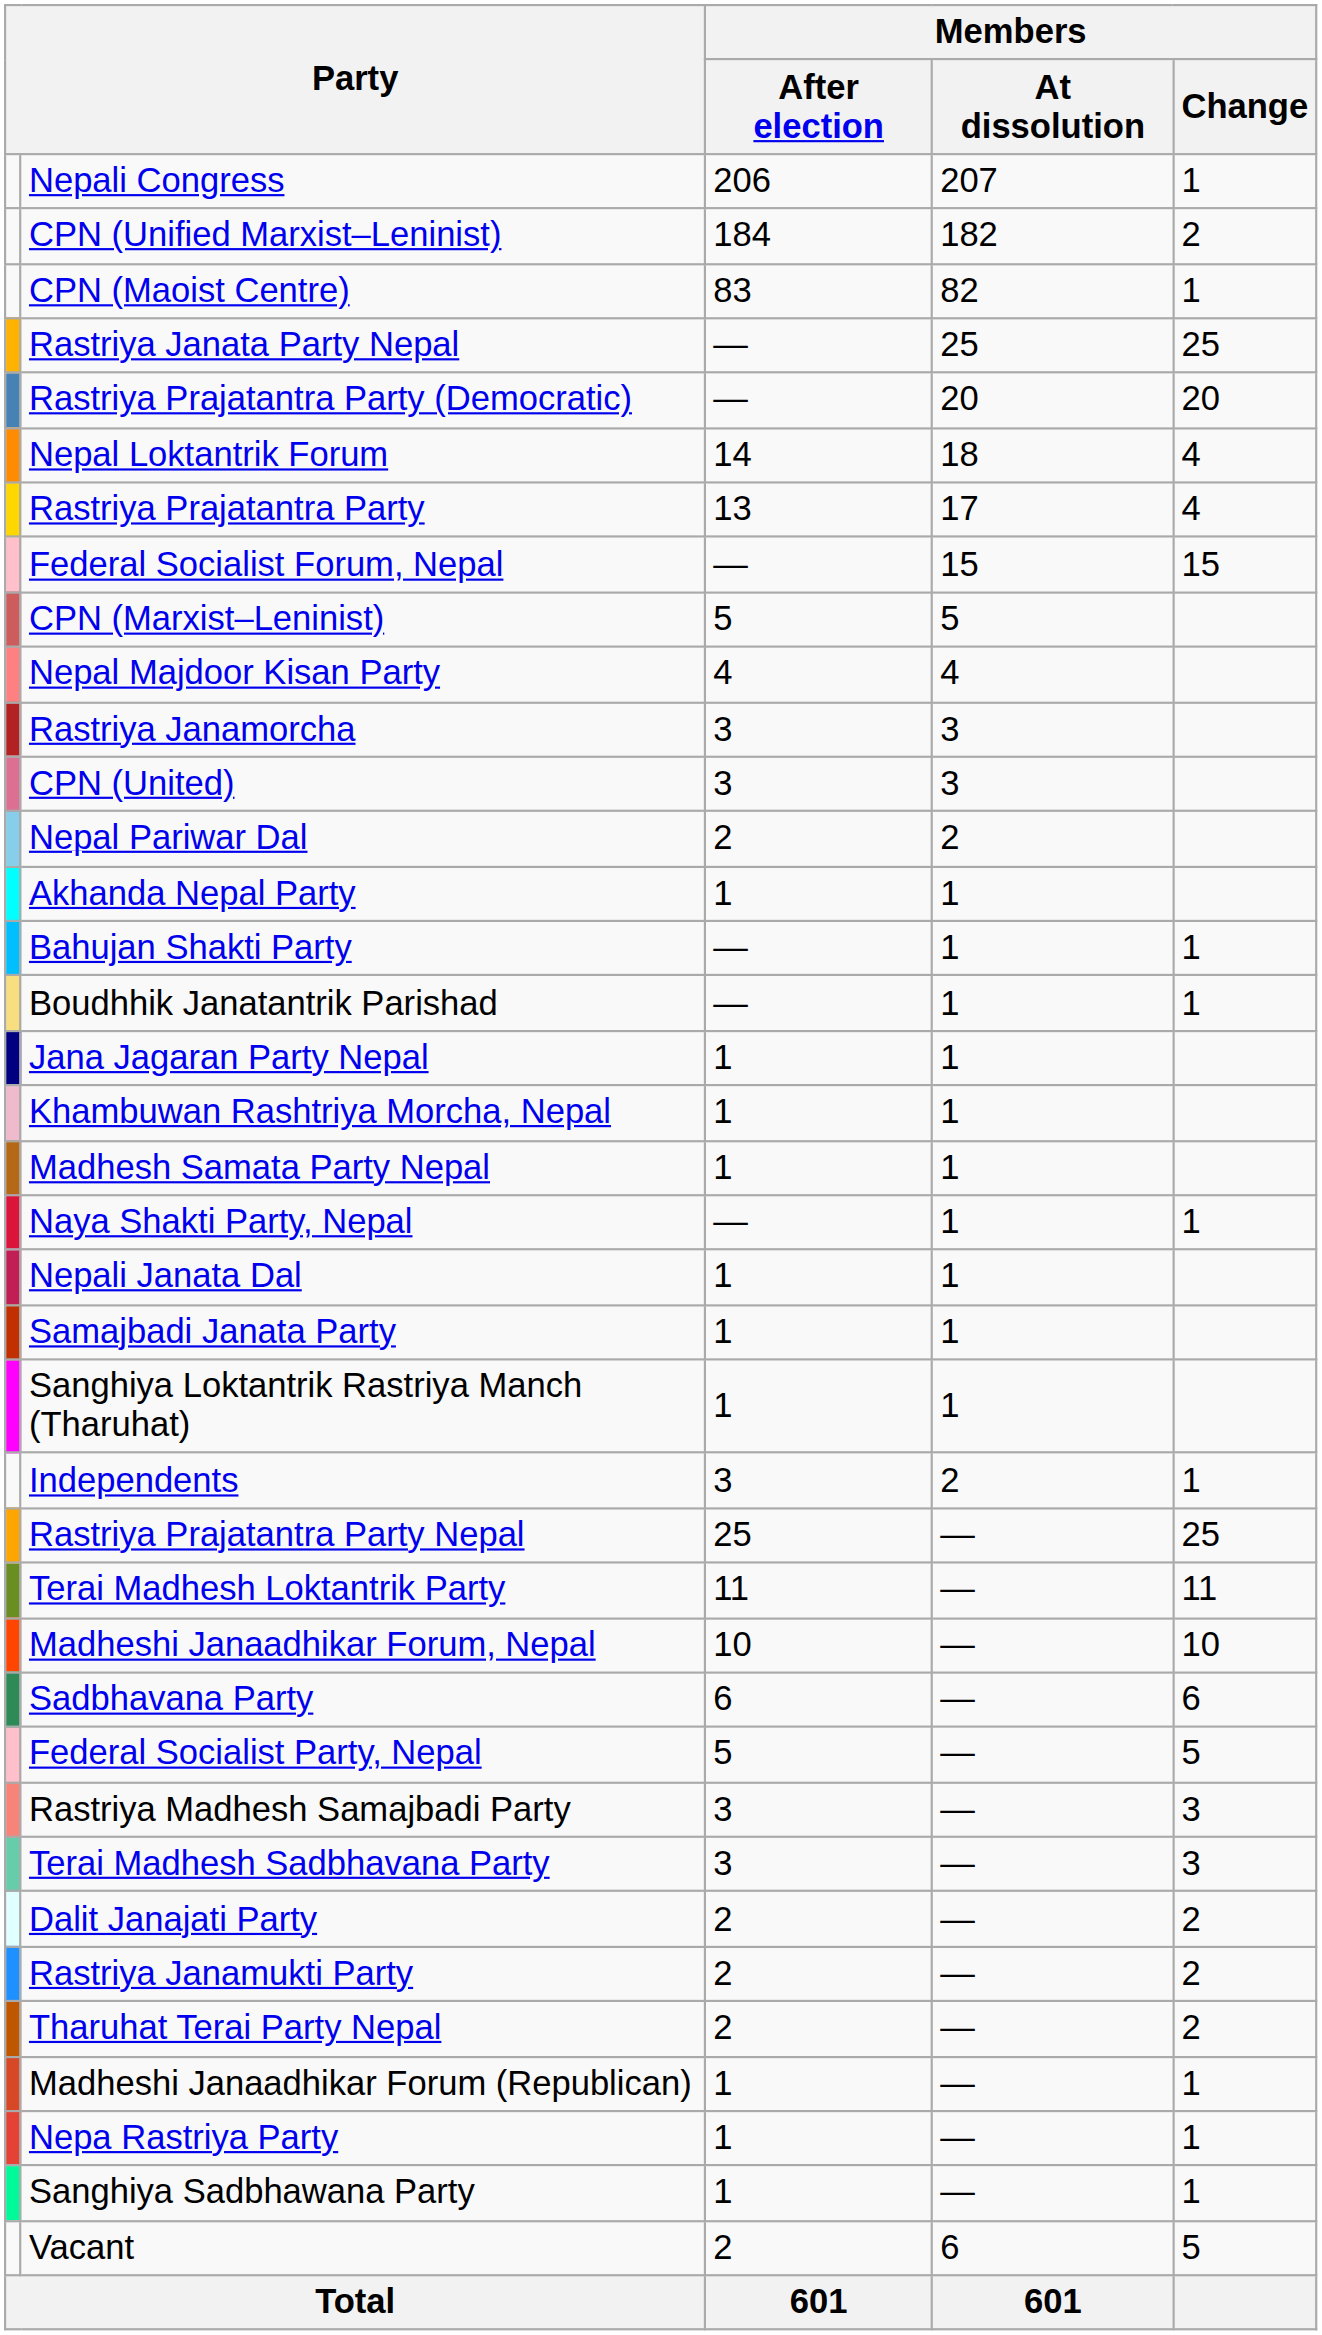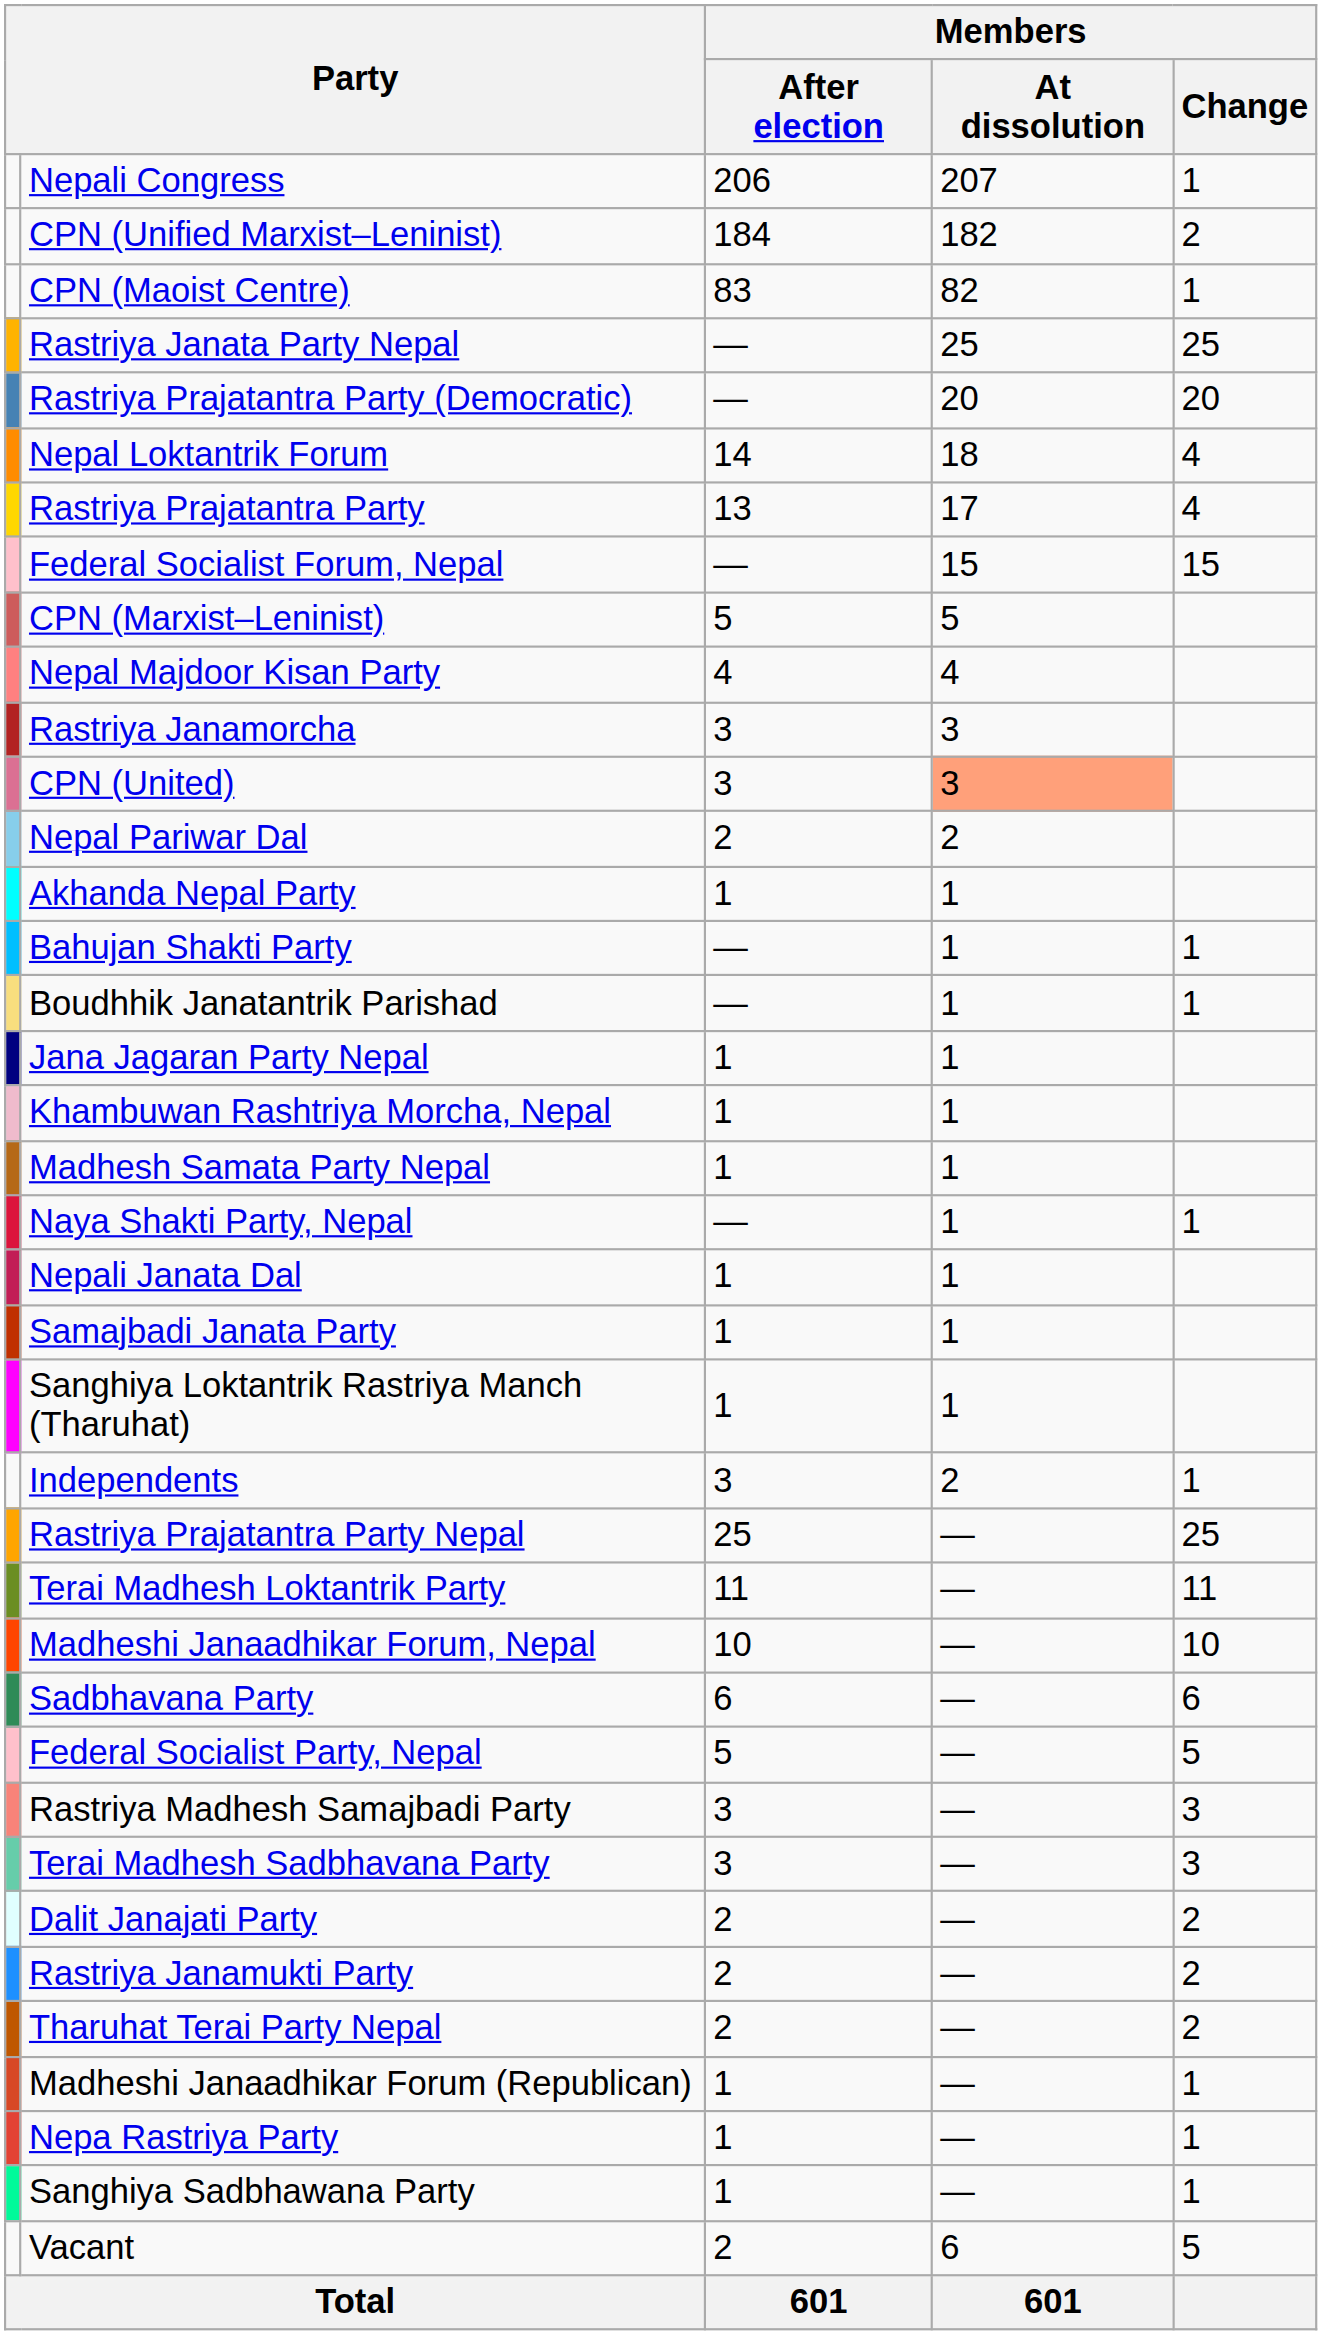 <table class="wikitable">
 <tr>
 <th colspan="2" rowspan="2">Party</th>
 <th colspan="3">Members</th>
 </tr>
 <tr>
 <th>After <a href='#'>election</a></th>
 <th>At dissolution</th>
 <th>Change</th>
 </tr>
 <tr>
 <td></td>
 <td><a href='#'>Nepali Congress</a></td>
 <td>206</td>
 <td>207</td>
 <td> 1</td>
 </tr>
 <tr>
 <td></td>
 <td><a href='#'>CPN (Unified Marxist–Leninist)</a></td>
 <td>184</td>
 <td>182</td>
 <td> 2</td>
 </tr>
 <tr>
 <td></td>
 <td><a href='#'>CPN (Maoist Centre)</a></td>
 <td>83</td>
 <td>82</td>
 <td> 1</td>
 </tr>
 <tr>
 <td bgcolor="ffb300"></td>
 <td><a href='#'>Rastriya Janata Party Nepal</a></td>
 <td>—</td>
 <td>25</td>
 <td> 25</td>
 </tr>
 <tr>
 <td bgcolor="steelblue"></td>
 <td><a href='#'>Rastriya Prajatantra Party (Democratic)</a></td>
 <td>—</td>
 <td>20</td>
 <td> 20</td>
 </tr>
 <tr>
 <td bgcolor="darkorange"></td>
 <td><a href='#'>Nepal Loktantrik Forum</a></td>
 <td>14</td>
 <td>18</td>
 <td> 4</td>
 </tr>
 <tr>
 <td bgcolor="gold"></td>
 <td><a href='#'>Rastriya Prajatantra Party</a></td>
 <td>13</td>
 <td>17</td>
 <td> 4</td>
 </tr>
 <tr>
 <td bgcolor="pink"></td>
 <td><a href='#'>Federal Socialist Forum, Nepal</a></td>
 <td>—</td>
 <td>15</td>
 <td> 15</td>
 </tr>
 <tr>
 <td bgcolor="indianred"></td>
 <td><a href='#'>CPN (Marxist–Leninist)</a></td>
 <td>5</td>
 <td>5</td>
 <td></td>
 </tr>
 <tr>
 <td bgcolor="ff8080"></td>
 <td><a href='#'>Nepal Majdoor Kisan Party</a></td>
 <td>4</td>
 <td>4</td>
 <td></td>
 </tr>
 <tr>
 <td bgcolor="firebrick"></td>
 <td><a href='#'>Rastriya Janamorcha</a></td>
 <td>3</td>
 <td>3</td>
 <td></td>
 </tr>
 <tr>
 <td bgcolor="palevioletred"></td>
 <td><a href='#'>CPN (United)</a></td>
 <td>3</td>
-<td>3</td>
+<td style="background: lightsalmon;">3</td>
 <td></td>
 </tr>
 <tr>
 <td bgcolor="87CEEB"></td>
 <td><a href='#'>Nepal Pariwar Dal</a></td>
 <td>2</td>
 <td>2</td>
 <td></td>
 </tr>
 <tr>
 <td bgcolor="aqua"></td>
 <td><a href='#'>Akhanda Nepal Party</a></td>
 <td>1</td>
 <td>1</td>
 <td></td>
 </tr>
 <tr>
 <td bgcolor="deepskyblue"></td>
 <td><a href='#'>Bahujan Shakti Party</a></td>
 <td>—</td>
 <td>1</td>
 <td> 1</td>
 </tr>
 <tr>
 <td bgcolor="f8de7e"></td>
 <td>Boudhhik Janatantrik Parishad</td>
 <td>—</td>
 <td>1</td>
 <td> 1</td>
 </tr>
 <tr>
 <td bgcolor="navy"></td>
 <td><a href='#'>Jana Jagaran Party Nepal</a></td>
 <td>1</td>
 <td>1</td>
 <td></td>
 </tr>
 <tr>
 <td bgcolor="efbbcc"></td>
 <td><a href='#'>Khambuwan Rashtriya Morcha, Nepal</a></td>
 <td>1</td>
 <td>1</td>
 <td></td>
 </tr>
 <tr>
 <td bgcolor="b56917"></td>
 <td><a href='#'>Madhesh Samata Party Nepal</a></td>
 <td>1</td>
 <td>1</td>
 <td></td>
 </tr>
 <tr>
 <td bgcolor="crimson"></td>
 <td><a href='#'>Naya Shakti Party, Nepal</a></td>
 <td>—</td>
 <td>1</td>
 <td> 1</td>
 </tr>
 <tr>
 <td bgcolor="C21E56"></td>
 <td><a href='#'>Nepali Janata Dal</a></td>
 <td>1</td>
 <td>1</td>
 <td></td>
 </tr>
 <tr>
 <td bgcolor="C03000"></td>
 <td><a href='#'>Samajbadi Janata Party</a></td>
 <td>1</td>
 <td>1</td>
 <td></td>
 </tr>
 <tr>
 <td style="color:inherit;background:#FF00FF"></td>
 <td>Sanghiya Loktantrik Rastriya Manch (Tharuhat)</td>
 <td>1</td>
 <td>1</td>
 <td></td>
 </tr>
 <tr>
 <td></td>
 <td><a href='#'>Independents</a></td>
 <td>3</td>
 <td>2</td>
 <td> 1</td>
 </tr>
 <tr>
 <td bgcolor="orange"></td>
 <td><a href='#'>Rastriya Prajatantra Party Nepal</a></td>
 <td>25</td>
 <td>—</td>
 <td> 25</td>
 </tr>
 <tr>
 <td bgcolor="olivedrab"></td>
 <td><a href='#'>Terai Madhesh Loktantrik Party</a></td>
 <td>11</td>
 <td>—</td>
 <td> 11</td>
 </tr>
 <tr>
 <td bgcolor="orangered"></td>
 <td><a href='#'>Madheshi Janaadhikar Forum, Nepal</a></td>
 <td>10</td>
 <td>—</td>
 <td> 10</td>
 </tr>
 <tr>
 <td bgcolor="seagreen"></td>
 <td><a href='#'>Sadbhavana Party</a></td>
 <td>6</td>
 <td>—</td>
 <td> 6</td>
 </tr>
 <tr>
 <td bgcolor="pink"></td>
 <td><a href='#'>Federal Socialist Party, Nepal</a></td>
 <td>5</td>
 <td>—</td>
 <td> 5</td>
 </tr>
 <tr>
 <td bgcolor="F88379"></td>
 <td>Rastriya Madhesh Samajbadi Party</td>
 <td>3</td>
 <td>—</td>
 <td> 3</td>
 </tr>
 <tr>
 <td bgcolor="mediumaquamarine"></td>
 <td><a href='#'>Terai Madhesh Sadbhavana Party</a></td>
 <td>3</td>
 <td>—</td>
 <td> 3</td>
 </tr>
 <tr>
 <td bgcolor="E0FFFF"></td>
 <td><a href='#'>Dalit Janajati Party</a></td>
 <td>2</td>
 <td>—</td>
 <td> 2</td>
 </tr>
 <tr>
 <td bgcolor="dodgerblue"></td>
 <td><a href='#'>Rastriya Janamukti Party</a></td>
 <td>2</td>
 <td>—</td>
 <td> 2</td>
 </tr>
 <tr>
 <td bgcolor="bf5700"></td>
 <td><a href='#'>Tharuhat Terai Party Nepal</a></td>
 <td>2</td>
 <td>—</td>
 <td> 2</td>
 </tr>
 <tr>
 <td style="color:inherit;background:#D74826"></td>
 <td>Madheshi Janaadhikar Forum (Republican)</td>
 <td>1</td>
 <td>—</td>
 <td> 1</td>
 </tr>
 <tr>
 <td style="color:inherit;background:#E34234"></td>
 <td><a href='#'>Nepa Rastriya Party</a></td>
 <td>1</td>
 <td>—</td>
 <td> 1</td>
 </tr>
 <tr>
 <td bgcolor="mediumspringgreen"></td>
 <td>Sanghiya Sadbhawana Party</td>
 <td>1</td>
 <td>—</td>
 <td> 1</td>
 </tr>
 <tr>
 <td></td>
 <td>Vacant</td>
 <td>2</td>
 <td>6</td>
 <td> 5</td>
 </tr>
 <tr>
 <th colspan="2">Total</th>
 <th>601</th>
 <th>601</th>
 <th></th>
 </tr>
 </table>
